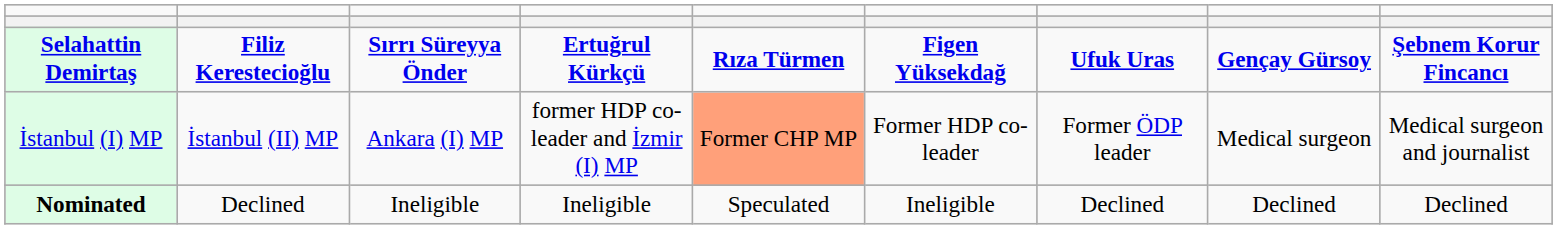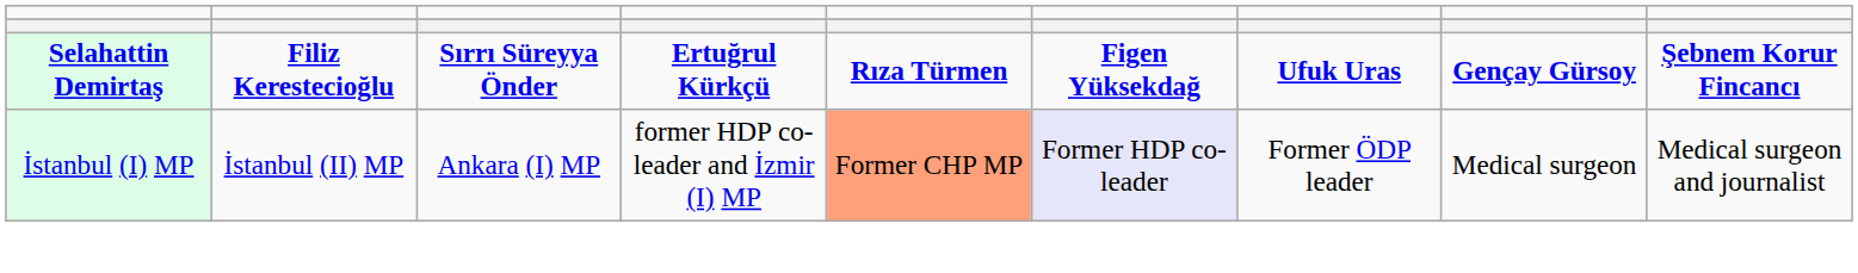 <table class="wikitable" style="margin:1em auto; font-size:90%; text-align:center;">
 <tr>
 <td></td>
 <td></td>
 <td></td>
 <td></td>
 <td></td>
 <td></td>
 <td></td>
 <td></td>
 <td></td>
 </tr>
 <tr>
 <th style="width:100px; font-size:100%; background:"></th>
 <th style="width:100px; font-size:100%; background:"></th>
 <th style="width:100px; font-size:100%; background:"></th>
 <th style="width:100px; font-size:100%; background:"></th>
 <th style="width:100px; font-size:100%; background:"></th>
 <th style="width:100px; font-size:100%; background:"></th>
 <th style="width:100px; font-size:100%; background:"></th>
 <th style="width:100px; font-size:100%; background:"></th>
 <th style="width:100px; font-size:100%; background:"></th>
 </tr>
 <tr>
 <td style="width:100px; font-size:100%; background:#DEFDE6;"><strong><a href='#'>Selahattin Demirtaş</a></strong></td>
 <td><strong><a href='#'>Filiz Kerestecioğlu</a></strong></td>
 <td><strong><a href='#'>Sırrı Süreyya Önder</a></strong></td>
 <td><strong><a href='#'>Ertuğrul Kürkçü</a></strong></td>
 <td><strong><a href='#'>Rıza Türmen</a></strong></td>
 <td><strong><a href='#'>Figen Yüksekdağ</a></strong></td>
 <td><strong><a href='#'>Ufuk Uras</a></strong></td>
 <td><strong><a href='#'>Gençay Gürsoy</a></strong></td>
 <td><strong><a href='#'>Şebnem Korur Fincancı</a></strong></td>
 </tr>
 <tr>
 <td style="width:100px; font-size:100%; background:#DEFDE6;"><a href='#'>İstanbul</a> <a href='#'>(I)</a> <a href='#'>MP</a></td>
 <td><a href='#'>İstanbul</a> <a href='#'>(II)</a> <a href='#'>MP</a></td>
 <td><a href='#'>Ankara</a> <a href='#'>(I)</a> <a href='#'>MP</a></td>
 <td>former HDP co-leader and <a href='#'>İzmir</a> <a href='#'>(I)</a> <a href='#'>MP</a></td>
 <td style="background: lightsalmon;">Former CHP MP</td>
-<td>Former HDP co-leader</td>
+<td style="background: lavender;">Former HDP co-leader</td>
 <td>Former <a href='#'>ÖDP</a> leader</td>
 <td>Medical surgeon</td>
 <td>Medical surgeon and journalist</td>
 </tr>
-<tr>
-<td style="width:100px; font-size:100%; background:#DEFDE6;"><strong>Nominated</strong> </td>
-<td>Declined</td>
-<td>Ineligible</td>
-<td>Ineligible</td>
-<td>Speculated</td>
-<td>Ineligible</td>
-<td>Declined</td>
-<td>Declined</td>
-<td>Declined</td>
-</tr>
 </table>
